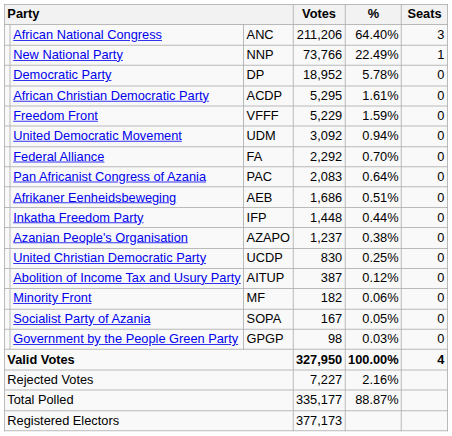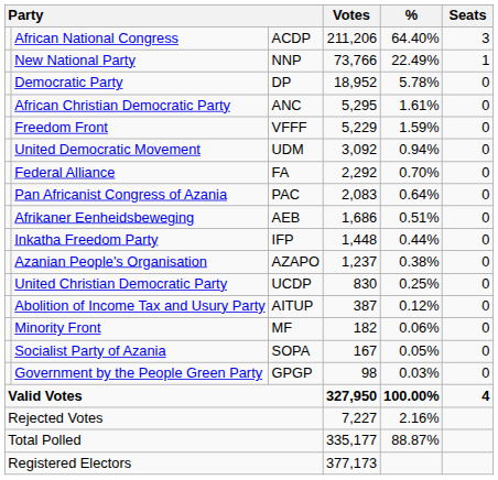 <table class="wikitable" border="1" style="text-align:right;">
 <tr>
 <th style="text-align:left;" colspan=3>Party</th>
 <th align=center width="50">Votes</th>
 <th align=center width="50">%</th>
 <th align=center width="50">Seats</th>
 </tr>
 <tr>
 <td style="background:"></td>
 <td align=left><a href='#'>African National Congress</a></td>
-<td align=left>ANC</td>
+<td align=left>ACDP</td>
 <td>211,206</td>
 <td>64.40%</td>
 <td>3</td>
 </tr>
 <tr>
 <td style="background:"></td>
 <td align=left><a href='#'>New National Party</a></td>
 <td align=left>NNP</td>
 <td>73,766</td>
 <td>22.49%</td>
 <td>1</td>
 </tr>
 <tr>
 <td style="background:"></td>
 <td align=left><a href='#'>Democratic Party</a></td>
 <td align=left>DP</td>
 <td>18,952</td>
 <td>5.78%</td>
 <td>0</td>
 </tr>
 <tr>
 <td style="background:"></td>
 <td align=left><a href='#'>African Christian Democratic Party</a></td>
-<td align=left>ACDP</td>
+<td align=left>ANC</td>
 <td>5,295</td>
 <td>1.61%</td>
 <td>0</td>
 </tr>
 <tr>
 <td style="background:"></td>
 <td align=left><a href='#'>Freedom Front</a></td>
 <td align=left>VFFF</td>
 <td>5,229</td>
 <td>1.59%</td>
 <td>0</td>
 </tr>
 <tr>
 <td style="background:"></td>
 <td align=left><a href='#'>United Democratic Movement</a></td>
 <td align=left>UDM</td>
 <td>3,092</td>
 <td>0.94%</td>
 <td>0</td>
 </tr>
 <tr>
 <td></td>
 <td align=left><a href='#'>Federal Alliance</a></td>
 <td align=left>FA</td>
 <td>2,292</td>
 <td>0.70%</td>
 <td>0</td>
 </tr>
 <tr>
 <td style="background:"></td>
 <td align=left><a href='#'>Pan Africanist Congress of Azania</a></td>
 <td align=left>PAC</td>
 <td>2,083</td>
 <td>0.64%</td>
 <td>0</td>
 </tr>
 <tr>
 <td></td>
 <td align=left><a href='#'>Afrikaner Eenheidsbeweging</a></td>
 <td align=left>AEB</td>
 <td>1,686</td>
 <td>0.51%</td>
 <td>0</td>
 </tr>
 <tr>
 <td style="background:"></td>
 <td align=left><a href='#'>Inkatha Freedom Party</a></td>
 <td align=left>IFP</td>
 <td>1,448</td>
 <td>0.44%</td>
 <td>0</td>
 </tr>
 <tr>
 <td style="background:"></td>
 <td align=left><a href='#'>Azanian People's Organisation</a></td>
 <td align=left>AZAPO</td>
 <td>1,237</td>
 <td>0.38%</td>
 <td>0</td>
 </tr>
 <tr>
 <td style="background:"></td>
 <td align=left><a href='#'>United Christian Democratic Party</a></td>
 <td align=left>UCDP</td>
 <td>830</td>
 <td>0.25%</td>
 <td>0</td>
 </tr>
 <tr>
 <td style="background:"></td>
 <td align=left><a href='#'>Abolition of Income Tax and Usury Party</a></td>
 <td align=left>AITUP</td>
 <td>387</td>
 <td>0.12%</td>
 <td>0</td>
 </tr>
 <tr>
 <td style="background:"></td>
 <td align=left><a href='#'>Minority Front</a></td>
 <td align=left>MF</td>
 <td>182</td>
 <td>0.06%</td>
 <td>0</td>
 </tr>
 <tr>
 <td style="background:"></td>
 <td align=left><a href='#'>Socialist Party of Azania</a></td>
 <td align=left>SOPA</td>
 <td>167</td>
 <td>0.05%</td>
 <td>0</td>
 </tr>
 <tr>
 <td style="background:"></td>
 <td align=left><a href='#'>Government by the People Green Party</a></td>
 <td align=left>GPGP</td>
 <td>98</td>
 <td>0.03%</td>
 <td>0</td>
 </tr>
 <tr style="font-weight:bold">
 <td align=left colspan=3>Valid Votes</td>
 <td>327,950</td>
 <td>100.00%</td>
 <td>4</td>
 </tr>
 <tr>
 <td align=left colspan=3>Rejected Votes</td>
 <td>7,227</td>
 <td>2.16%</td>
 <td></td>
 </tr>
 <tr>
 <td align=left colspan=3>Total Polled</td>
 <td>335,177</td>
 <td>88.87%</td>
 <td></td>
 </tr>
 <tr>
 <td align=left colspan=3>Registered Electors</td>
 <td>377,173</td>
 <td></td>
 <td></td>
 </tr>
 </table>
